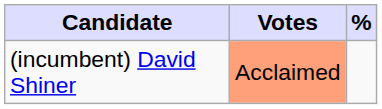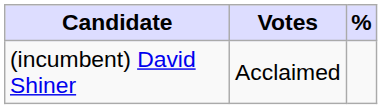 <table class="wikitable">
 <tr>
 <th style="background:#ddf; width:150px;">Candidate</th>
 <th style="background:#ddf;">Votes</th>
 <th style="background:#ddf;">%</th>
 </tr>
 <tr>
 <td>(incumbent) <a href='#'>David Shiner</a></td>
-<td style="background: lightsalmon;">Acclaimed</td>
+<td>Acclaimed</td>
 </tr>
 </table>
